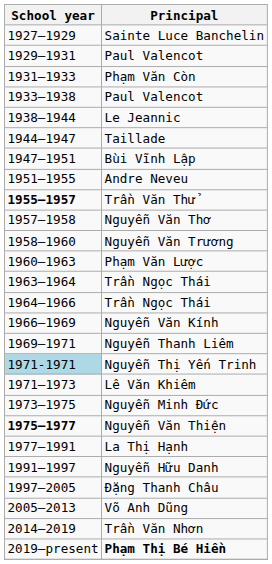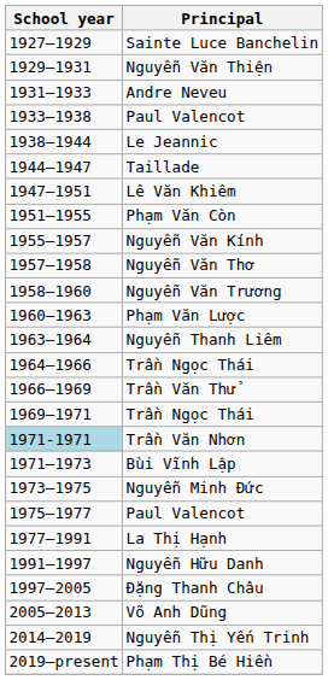 <table class="wikitable">
 <tr>
 <th>School year</th>
 <th>Principal</th>
 </tr>
 <tr>
 <td>1927–1929</td>
 <td>Sainte Luce Banchelin </td>
 </tr>
 <tr>
 <td>1929–1931</td>
-<td>Paul Valencot </td>
+<td>Nguyễn Văn Thiện</td>
 </tr>
 <tr>
 <td>1931–1933</td>
-<td>Phạm Văn Còn</td>
+<td>Andre Neveu </td>
 </tr>
 <tr>
 <td>1933–1938</td>
 <td>Paul Valencot</td>
 </tr>
 <tr>
 <td>1938–1944</td>
 <td>Le Jeannic</td>
 </tr>
 <tr>
 <td>1944–1947</td>
 <td>Taillade</td>
 </tr>
 <tr>
 <td>1947–1951</td>
-<td>Bùi Vĩnh Lập </td>
+<td>Lê Văn Khiêm</td>
 </tr>
 <tr>
 <td>1951–1955</td>
-<td>Andre Neveu </td>
+<td>Phạm Văn Còn</td>
 </tr>
 <tr>
-<td><strong>1955–1957</strong></td>
-<td>Trần Văn Thử</td>
+<td>1955–1957</td>
+<td>Nguyễn Văn Kính</td>
 </tr>
 <tr>
 <td>1957–1958</td>
 <td>Nguyễn Văn Thơ</td>
 </tr>
 <tr>
 <td>1958–1960</td>
 <td>Nguyễn Văn Trương</td>
 </tr>
 <tr>
 <td>1960–1963</td>
 <td>Phạm Văn Lược</td>
 </tr>
 <tr>
 <td>1963–1964</td>
-<td>Trần Ngọc Thái </td>
+<td>Nguyễn Thanh Liêm</td>
 </tr>
 <tr>
 <td>1964–1966</td>
 <td>Trần Ngọc Thái</td>
 </tr>
 <tr>
 <td>1966–1969</td>
-<td>Nguyễn Văn Kính</td>
+<td>Trần Văn Thử</td>
 </tr>
 <tr>
 <td>1969–1971</td>
-<td>Nguyễn Thanh Liêm</td>
+<td>Trần Ngọc Thái </td>
 </tr>
 <tr>
 <td style="background: lightblue;">1971-1971</td>
-<td>Nguyễn Thị Yến Trinh </td>
+<td>Trần Văn Nhơn </td>
 </tr>
 <tr>
 <td>1971–1973</td>
-<td>Lê Văn Khiêm</td>
+<td>Bùi Vĩnh Lập </td>
 </tr>
 <tr>
 <td>1973–1975</td>
 <td>Nguyễn Minh Đức </td>
 </tr>
 <tr>
-<td><strong>1975–1977</strong></td>
-<td>Nguyễn Văn Thiện</td>
+<td>1975–1977</td>
+<td>Paul Valencot </td>
 </tr>
 <tr>
 <td>1977–1991</td>
 <td>La Thị Hạnh</td>
 </tr>
 <tr>
 <td>1991–1997</td>
 <td>Nguyễn Hữu Danh</td>
 </tr>
 <tr>
 <td>1997–2005</td>
 <td>Đặng Thanh Châu</td>
 </tr>
 <tr>
 <td>2005–2013</td>
 <td>Võ Anh Dũng</td>
 </tr>
 <tr>
 <td>2014–2019</td>
-<td>Trần Văn Nhơn </td>
+<td>Nguyễn Thị Yến Trinh </td>
 </tr>
 <tr>
 <td>2019–present</td>
-<td><strong>Phạm Thị Bé Hiền </strong></td>
+<td>Phạm Thị Bé Hiền </td>
 </tr>
 <tr>
 </tr>
 </table>
